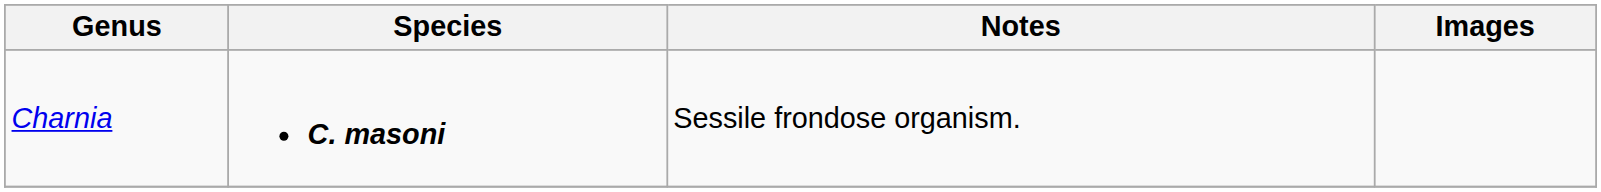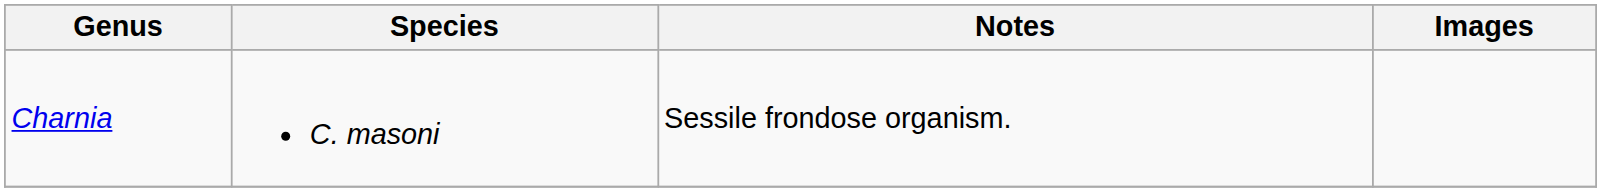 <table class="wikitable" style="width:70%;">
 <tr>
 <th>Genus</th>
 <th>Species</th>
 <th>Notes</th>
 <th>Images</th>
 </tr>
 <tr>
 <td><em><a href='#'>Charnia</a></em></td>
-<td><strong><br><ul><li><em>C. masoni</em></li></ul></strong></td>
+<td><br><ul><li><em>C. masoni</em></li></ul></td>
 <td>Sessile frondose organism.</td>
 <td></td>
 </tr>
 <tr>
 </tr>
 </table>
